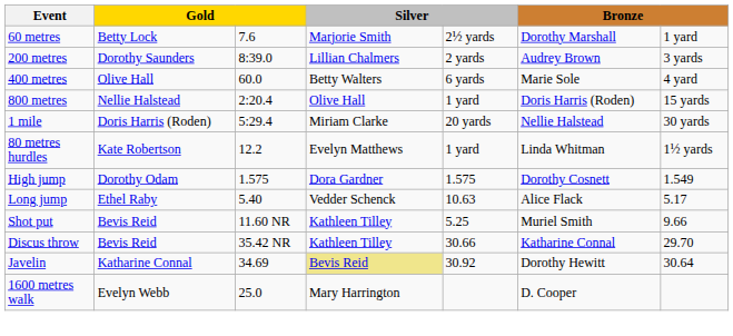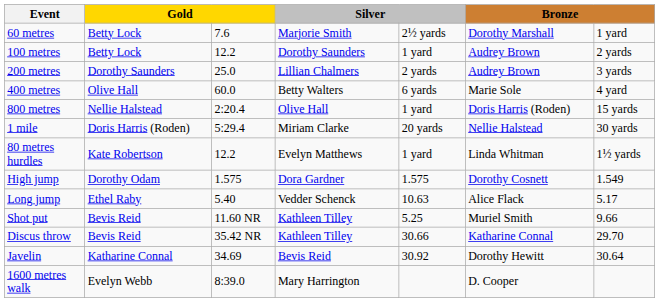 <table class="wikitable" style="text-align:left">
 <tr>
 <th width=100>Event</th>
 <th colspan="2" width="280" style="background:gold;">Gold</th>
 <th colspan="2" width="280" style="background:silver;">Silver</th>
 <th colspan="2" width="280" style="background:#CD7F32;">Bronze</th>
 </tr>
 <tr>
 <td><a href='#'>60 metres</a></td>
 <td><a href='#'>Betty Lock</a></td>
 <td>7.6</td>
 <td><a href='#'>Marjorie Smith</a></td>
 <td>2½ yards</td>
 <td><a href='#'>Dorothy Marshall</a></td>
 <td>1 yard</td>
 </tr>
 <tr>
+<td><a href='#'>100 metres</a></td>
+<td><a href='#'>Betty Lock</a></td>
+<td>12.2</td>
+<td><a href='#'>Dorothy Saunders</a></td>
+<td>1 yard</td>
+<td><a href='#'>Audrey Brown</a></td>
+<td>2 yards</td>
+</tr>
+<tr>
 <td><a href='#'>200 metres</a></td>
 <td><a href='#'>Dorothy Saunders</a></td>
-<td>8:39.0</td>
+<td>25.0</td>
 <td><a href='#'>Lillian Chalmers</a></td>
 <td>2 yards</td>
 <td><a href='#'>Audrey Brown</a></td>
 <td>3 yards</td>
 </tr>
 <tr>
 <td><a href='#'>400 metres</a></td>
 <td><a href='#'>Olive Hall</a></td>
 <td>60.0</td>
 <td>Betty Walters</td>
 <td>6 yards</td>
 <td>Marie Sole</td>
 <td>4 yard</td>
 </tr>
 <tr>
 <td><a href='#'>800 metres</a></td>
 <td><a href='#'>Nellie Halstead</a></td>
 <td>2:20.4</td>
 <td><a href='#'>Olive Hall</a></td>
 <td>1 yard</td>
 <td><a href='#'>Doris Harris</a> (Roden)</td>
 <td>15 yards</td>
 </tr>
 <tr>
 <td><a href='#'>1 mile</a></td>
 <td><a href='#'>Doris Harris</a> (Roden)</td>
 <td>5:29.4</td>
 <td>Miriam Clarke</td>
 <td>20 yards</td>
 <td><a href='#'>Nellie Halstead</a></td>
 <td>30 yards</td>
 </tr>
 <tr>
 <td><a href='#'>80 metres hurdles</a></td>
 <td><a href='#'>Kate Robertson</a></td>
 <td>12.2</td>
 <td>Evelyn Matthews</td>
 <td>1 yard</td>
 <td>Linda Whitman</td>
 <td>1½ yards</td>
 </tr>
 <tr>
 <td><a href='#'>High jump</a></td>
 <td><a href='#'>Dorothy Odam</a></td>
 <td>1.575</td>
 <td><a href='#'>Dora Gardner</a></td>
 <td>1.575</td>
 <td><a href='#'>Dorothy Cosnett</a></td>
 <td>1.549</td>
 </tr>
 <tr>
 <td><a href='#'>Long jump</a></td>
 <td><a href='#'>Ethel Raby</a></td>
 <td>5.40</td>
 <td>Vedder Schenck</td>
 <td>10.63</td>
 <td>Alice Flack</td>
 <td>5.17</td>
 </tr>
 <tr>
 <td><a href='#'>Shot put</a></td>
 <td><a href='#'>Bevis Reid</a></td>
 <td>11.60 NR</td>
 <td><a href='#'>Kathleen Tilley</a></td>
 <td>5.25</td>
 <td>Muriel Smith</td>
 <td>9.66</td>
 </tr>
 <tr>
 <td><a href='#'>Discus throw</a></td>
 <td><a href='#'>Bevis Reid</a></td>
 <td>35.42 NR</td>
 <td><a href='#'>Kathleen Tilley</a></td>
 <td>30.66</td>
 <td><a href='#'>Katharine Connal</a></td>
 <td>29.70</td>
 </tr>
 <tr>
 <td><a href='#'>Javelin</a></td>
 <td><a href='#'>Katharine Connal</a></td>
 <td>34.69</td>
-<td style="background: khaki;"><a href='#'>Bevis Reid</a></td>
+<td><a href='#'>Bevis Reid</a></td>
 <td>30.92</td>
 <td>Dorothy Hewitt</td>
 <td>30.64</td>
 </tr>
 <tr>
 <td><a href='#'>1600 metres walk</a></td>
 <td>Evelyn Webb</td>
-<td>25.0</td>
+<td>8:39.0</td>
 <td>Mary Harrington</td>
 <td></td>
 <td>D. Cooper</td>
 <td></td>
 </tr>
 </table>
